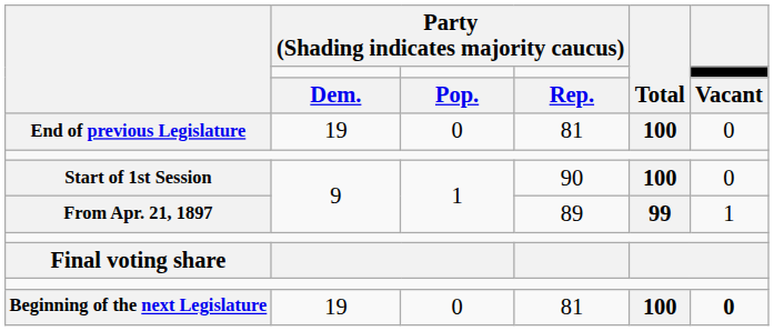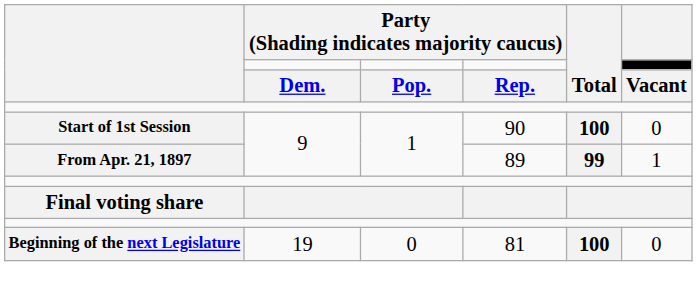 <table class=wikitable style="text-align:center">
 <tr style="vertical-align:bottom;">
 <th rowspan=3></th>
 <th colspan=3>Party <div>(Shading indicates majority caucus)</div></th>
 <th rowspan=3>Total</th>
 <th></th>
 </tr>
 <tr style="height:5px">
 <td style="background-color:"></td>
 <td style="background-color:"></td>
 <td style="background-color:"></td>
 <td style="background:black;"></td>
 </tr>
 <tr>
 <th><a href='#'>Dem.</a></th>
 <th><a href='#'>Pop.</a></th>
 <th><a href='#'>Rep.</a></th>
 <th>Vacant</th>
-</tr>
-<tr>
-<th style="font-size:80%;">End of <a href='#'>previous Legislature</a></th>
-<td>19</td>
-<td>0</td>
-<td>81</td>
-<th>100</th>
-<td>0</td>
 </tr>
 <tr>
 <td colspan=6></td>
 </tr>
 <tr>
 <th style="font-size:80%;">Start of 1st Session</th>
 <td rowspan="2">9</td>
 <td rowspan="2">1</td>
 <td>90</td>
 <th>100</th>
 <td>0</td>
 </tr>
 <tr>
 <th style="font-size:80%;">From Apr. 21, 1897</th>
 <td>89</td>
 <th>99</th>
 <td>1</td>
 </tr>
 <tr>
 <td colspan=6></td>
 </tr>
 <tr>
 <th>Final voting share</th>
 <th colspan=2></th>
 <th></th>
 <th colspan=2></th>
 </tr>
 <tr>
 <td colspan=6></td>
 </tr>
 <tr>
 <th style="font-size:80%;">Beginning of the <a href='#'>next Legislature</a></th>
 <td>19</td>
 <td>0</td>
 <td>81</td>
 <th>100</th>
-<td><strong>0</strong></td>
+<td>0</td>
 </tr>
 </table>
